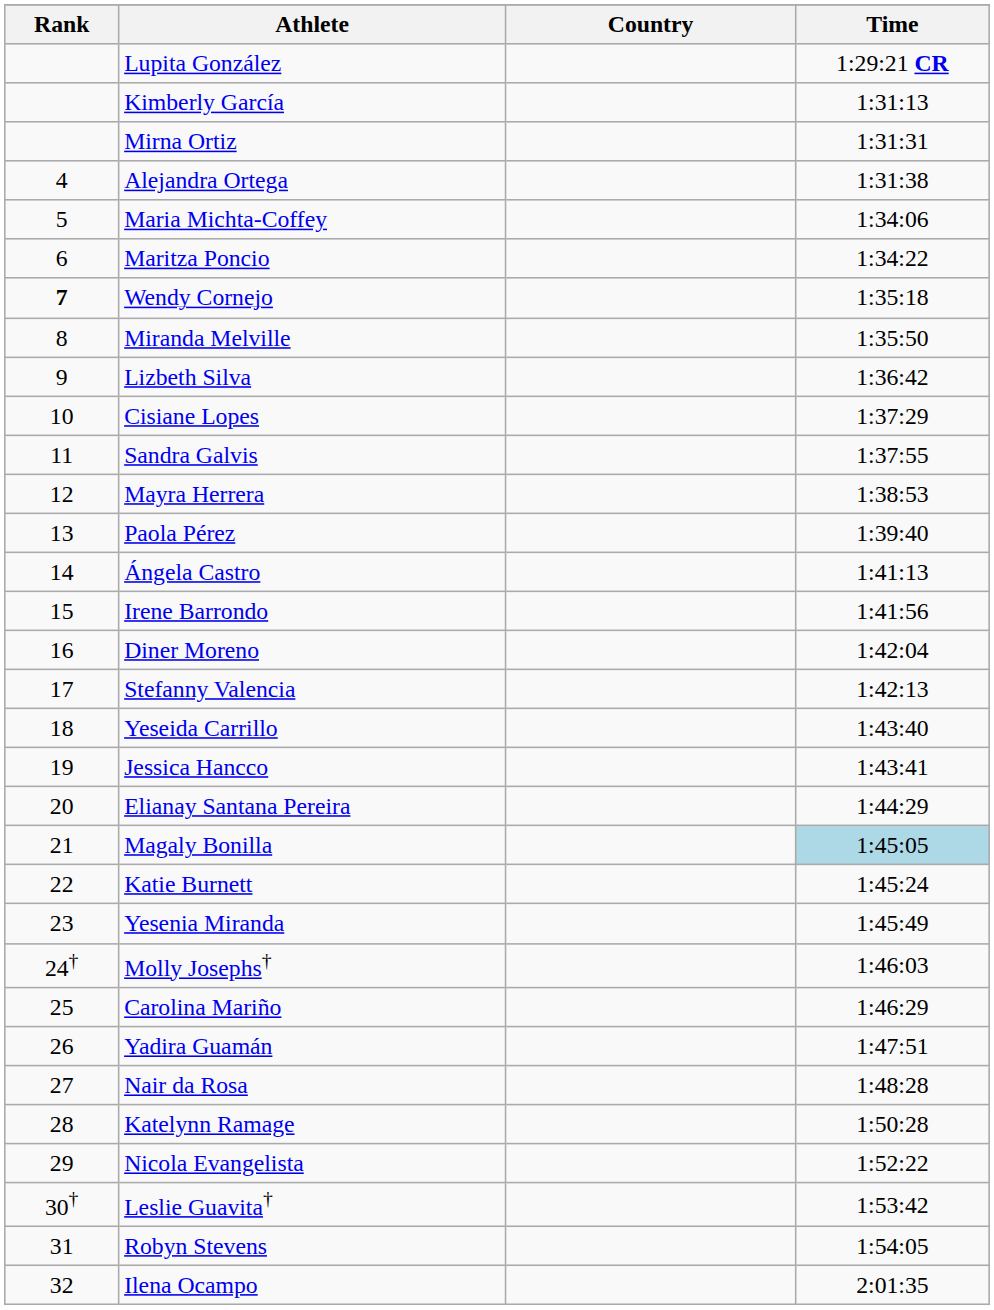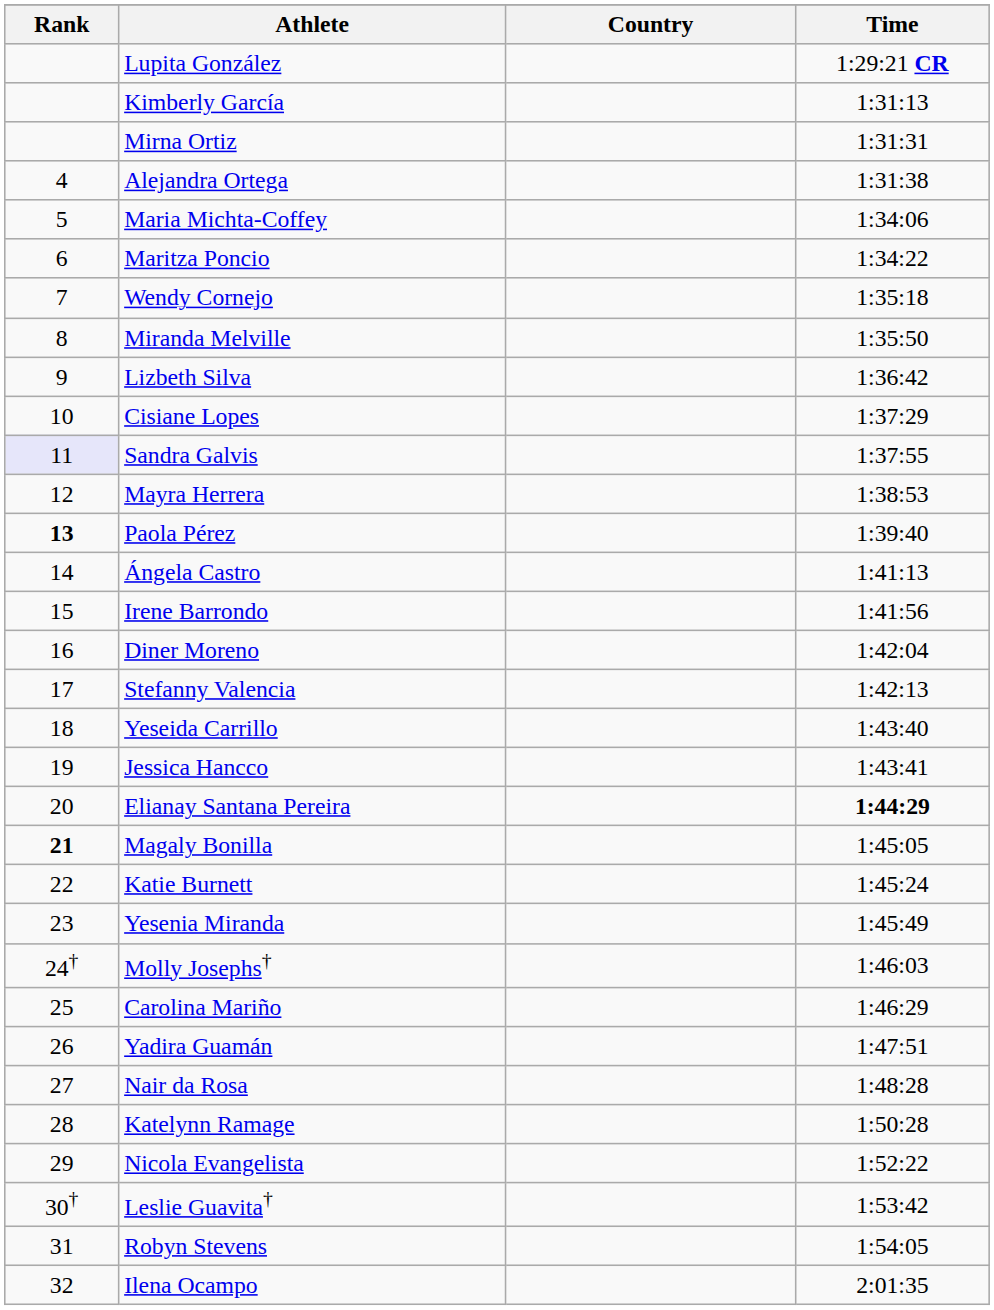 <table class="wikitable sortable" style=" text-align:center; font-size:95%;" width="50%">
 <tr>
 </tr>
 <tr>
 <th width=5%>Rank</th>
 <th width=20%>Athlete</th>
 <th width=15%>Country</th>
 <th width=10%>Time</th>
 </tr>
 <tr>
 <td align=center></td>
 <td align=left><a href='#'>Lupita González</a></td>
 <td align=left></td>
 <td>1:29:21 <strong><a href='#'>CR</a></strong></td>
 </tr>
 <tr>
 <td align=center></td>
 <td align=left><a href='#'>Kimberly García</a></td>
 <td align=left></td>
 <td>1:31:13</td>
 </tr>
 <tr>
 <td align=center></td>
 <td align=left><a href='#'>Mirna Ortiz</a></td>
 <td align=left></td>
 <td>1:31:31</td>
 </tr>
 <tr>
 <td align=center>4</td>
 <td align=left><a href='#'>Alejandra Ortega</a></td>
 <td align=left></td>
 <td>1:31:38</td>
 </tr>
 <tr>
 <td align=center>5</td>
 <td align=left><a href='#'>Maria Michta-Coffey</a></td>
 <td align=left></td>
 <td>1:34:06</td>
 </tr>
 <tr>
 <td align=center>6</td>
 <td align=left><a href='#'>Maritza Poncio</a></td>
 <td align=left></td>
 <td>1:34:22</td>
 </tr>
 <tr>
-<td align=center><strong>7</strong></td>
+<td align=center>7</td>
 <td align=left><a href='#'>Wendy Cornejo</a></td>
 <td align=left></td>
 <td>1:35:18</td>
 </tr>
 <tr>
 <td align=center>8</td>
 <td align=left><a href='#'>Miranda Melville</a></td>
 <td align=left></td>
 <td>1:35:50</td>
 </tr>
 <tr>
 <td align=center>9</td>
 <td align=left><a href='#'>Lizbeth Silva</a></td>
 <td align=left></td>
 <td>1:36:42</td>
 </tr>
 <tr>
 <td align=center>10</td>
 <td align=left><a href='#'>Cisiane Lopes</a></td>
 <td align=left></td>
 <td>1:37:29</td>
 </tr>
 <tr>
-<td align=center>11</td>
+<td align=center style="background: lavender;">11</td>
 <td align=left><a href='#'>Sandra Galvis</a></td>
 <td align=left></td>
 <td>1:37:55</td>
 </tr>
 <tr>
 <td align=center>12</td>
 <td align=left><a href='#'>Mayra Herrera</a></td>
 <td align=left></td>
 <td>1:38:53</td>
 </tr>
 <tr>
-<td align=center>13</td>
+<td align=center><strong>13</strong></td>
 <td align=left><a href='#'>Paola Pérez</a></td>
 <td align=left></td>
 <td>1:39:40</td>
 </tr>
 <tr>
 <td align=center>14</td>
 <td align=left><a href='#'>Ángela Castro</a></td>
 <td align=left></td>
 <td>1:41:13</td>
 </tr>
 <tr>
 <td align=center>15</td>
 <td align=left><a href='#'>Irene Barrondo</a></td>
 <td align=left></td>
 <td>1:41:56</td>
 </tr>
 <tr>
 <td align=center>16</td>
 <td align=left><a href='#'>Diner Moreno</a></td>
 <td align=left></td>
 <td>1:42:04</td>
 </tr>
 <tr>
 <td align=center>17</td>
 <td align=left><a href='#'>Stefanny Valencia</a></td>
 <td align=left></td>
 <td>1:42:13</td>
 </tr>
 <tr>
 <td align=center>18</td>
 <td align=left><a href='#'>Yeseida Carrillo</a></td>
 <td align=left></td>
 <td>1:43:40</td>
 </tr>
 <tr>
 <td align=center>19</td>
 <td align=left><a href='#'>Jessica Hancco</a></td>
 <td align=left></td>
 <td>1:43:41</td>
 </tr>
 <tr>
 <td align=center>20</td>
 <td align=left><a href='#'>Elianay Santana Pereira</a></td>
 <td align=left></td>
-<td>1:44:29</td>
+<td><strong>1:44:29</strong></td>
 </tr>
 <tr>
-<td align=center>21</td>
+<td align=center><strong>21</strong></td>
 <td align=left><a href='#'>Magaly Bonilla</a></td>
 <td align=left></td>
-<td style="background: lightblue;">1:45:05</td>
+<td>1:45:05</td>
 </tr>
 <tr>
 <td align=center>22</td>
 <td align=left><a href='#'>Katie Burnett</a></td>
 <td align=left></td>
 <td>1:45:24</td>
 </tr>
 <tr>
 <td align=center>23</td>
 <td align=left><a href='#'>Yesenia Miranda</a></td>
 <td align=left></td>
 <td>1:45:49</td>
 </tr>
 <tr>
 <td align=center>24<sup>†</sup></td>
 <td align=left><a href='#'>Molly Josephs</a><sup>†</sup></td>
 <td align=left></td>
 <td>1:46:03</td>
 </tr>
 <tr>
 <td align=center>25</td>
 <td align=left><a href='#'>Carolina Mariño</a></td>
 <td align=left></td>
 <td>1:46:29</td>
 </tr>
 <tr>
 <td align=center>26</td>
 <td align=left><a href='#'>Yadira Guamán</a></td>
 <td align=left></td>
 <td>1:47:51</td>
 </tr>
 <tr>
 <td align=center>27</td>
 <td align=left><a href='#'>Nair da Rosa</a></td>
 <td align=left></td>
 <td>1:48:28</td>
 </tr>
 <tr>
 <td align=center>28</td>
 <td align=left><a href='#'>Katelynn Ramage</a></td>
 <td align=left></td>
 <td>1:50:28</td>
 </tr>
 <tr>
 <td align=center>29</td>
 <td align=left><a href='#'>Nicola Evangelista</a></td>
 <td align=left></td>
 <td>1:52:22</td>
 </tr>
 <tr>
 <td align=center>30<sup>†</sup></td>
 <td align=left><a href='#'>Leslie Guavita</a><sup>†</sup></td>
 <td align=left></td>
 <td>1:53:42</td>
 </tr>
 <tr>
 <td align=center>31</td>
 <td align=left><a href='#'>Robyn Stevens</a></td>
 <td align=left></td>
 <td>1:54:05</td>
 </tr>
 <tr>
 <td align=center>32</td>
 <td align=left><a href='#'>Ilena Ocampo</a></td>
 <td align=left></td>
 <td>2:01:35</td>
 </tr>
 </table>
